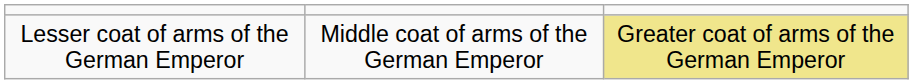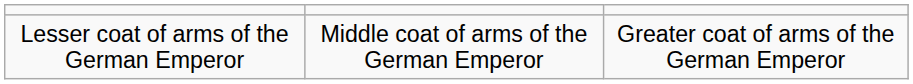 <table class="wikitable" style="margin:1em auto; text-align:center;">
 <tr>
 <td></td>
 <td></td>
 <td></td>
 </tr>
 <tr>
 <td>Lesser coat of arms of the German Emperor</td>
 <td>Middle coat of arms of the German Emperor</td>
-<td style="background: khaki;">Greater coat of arms of the German Emperor</td>
+<td>Greater coat of arms of the German Emperor</td>
 </tr>
 </table>
